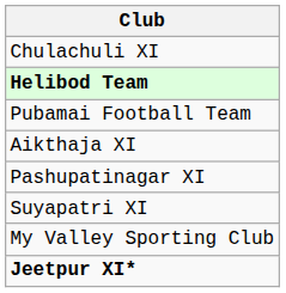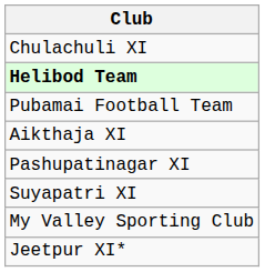 <table class="wikitable" border="1">
 <tr>
 <th>Club</th>
 </tr>
 <tr>
 <td>Chulachuli XI</td>
 </tr>
 <tr bgcolor=#dfd>
 <td><strong>Helibod Team</strong></td>
 </tr>
 <tr>
 <td>Pubamai Football Team</td>
 </tr>
 <tr>
 <td>Aikthaja XI</td>
 </tr>
 <tr>
 <td>Pashupatinagar XI</td>
 </tr>
 <tr>
 <td>Suyapatri XI</td>
 </tr>
 <tr>
 <td>My Valley Sporting Club</td>
 </tr>
 <tr>
-<td><strong>Jeetpur XI*</strong></td>
+<td>Jeetpur XI*</td>
 </tr>
 </table>
